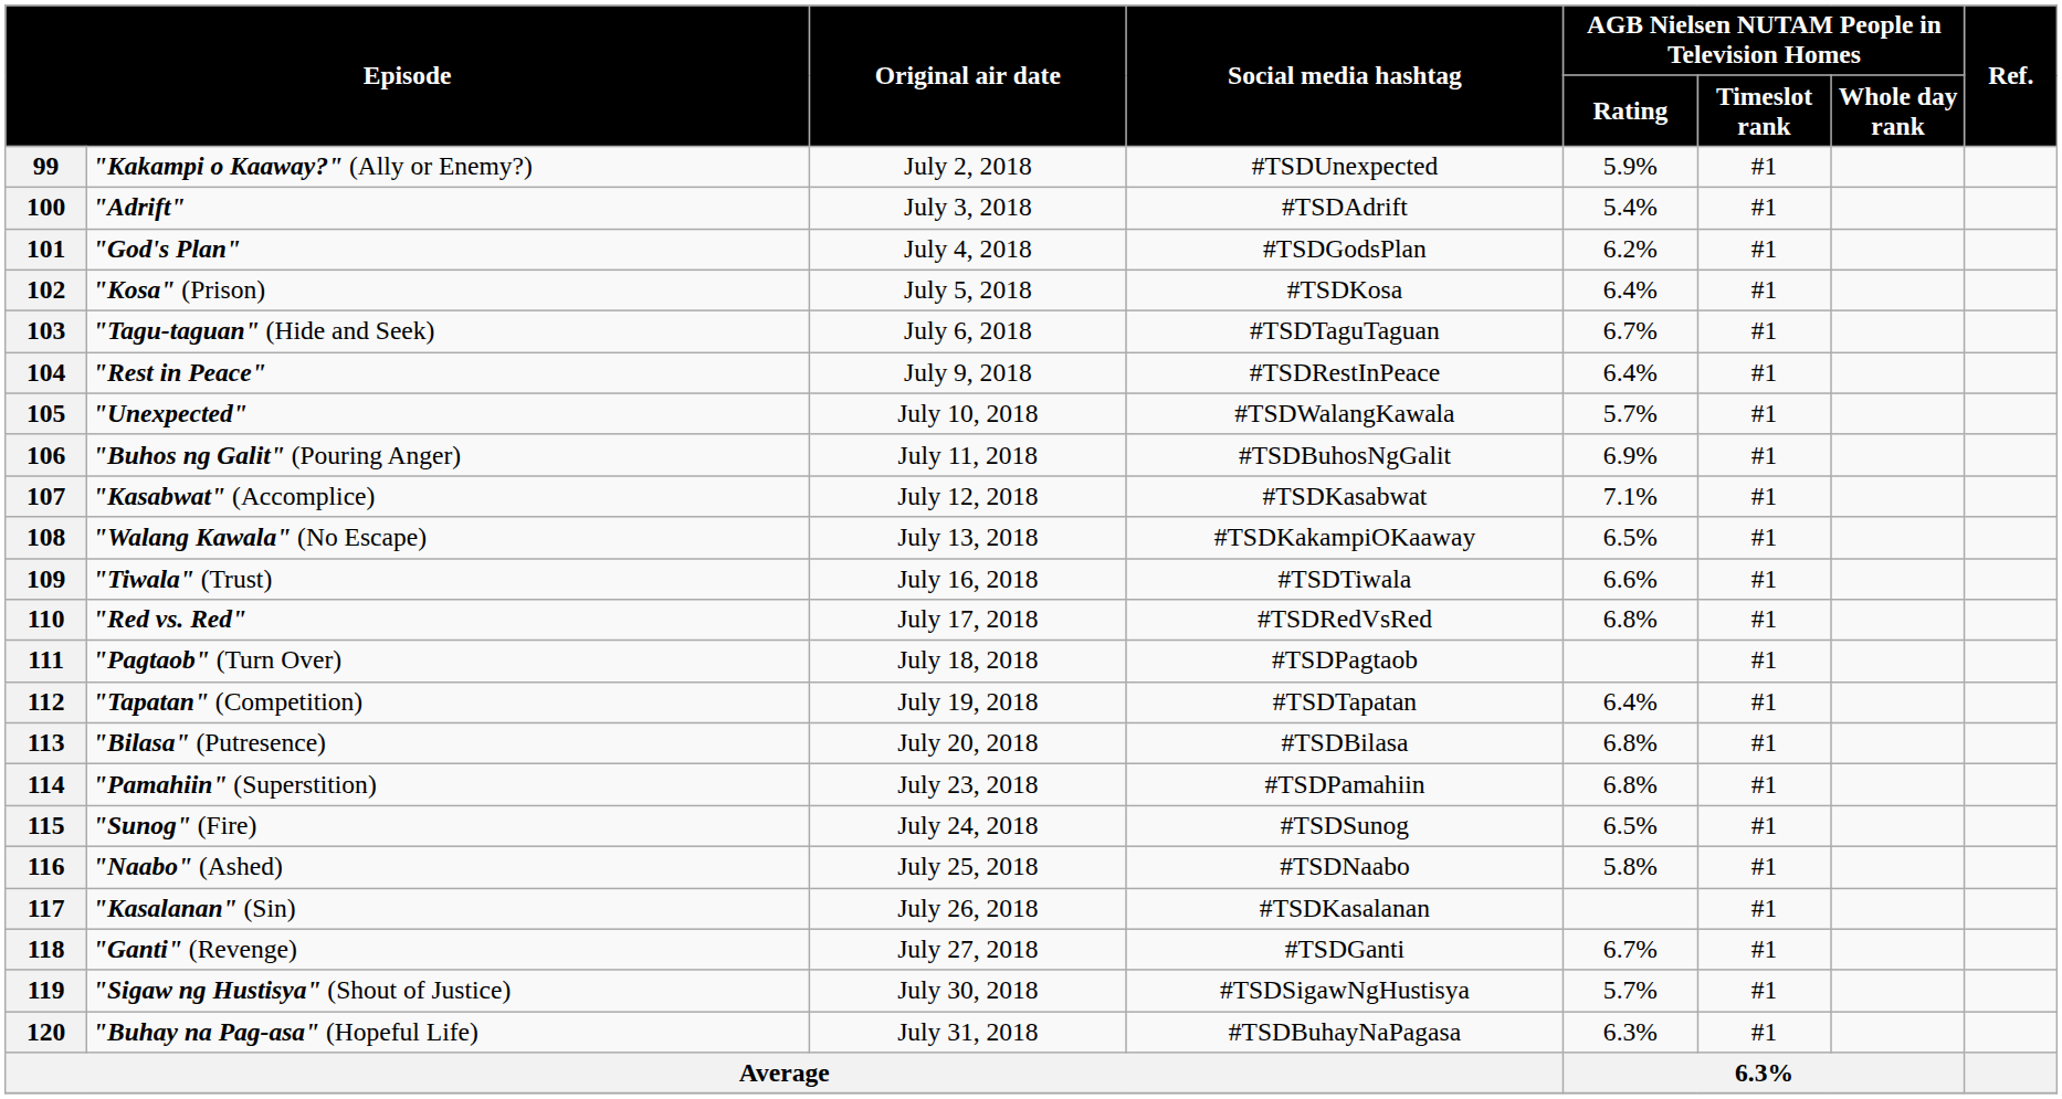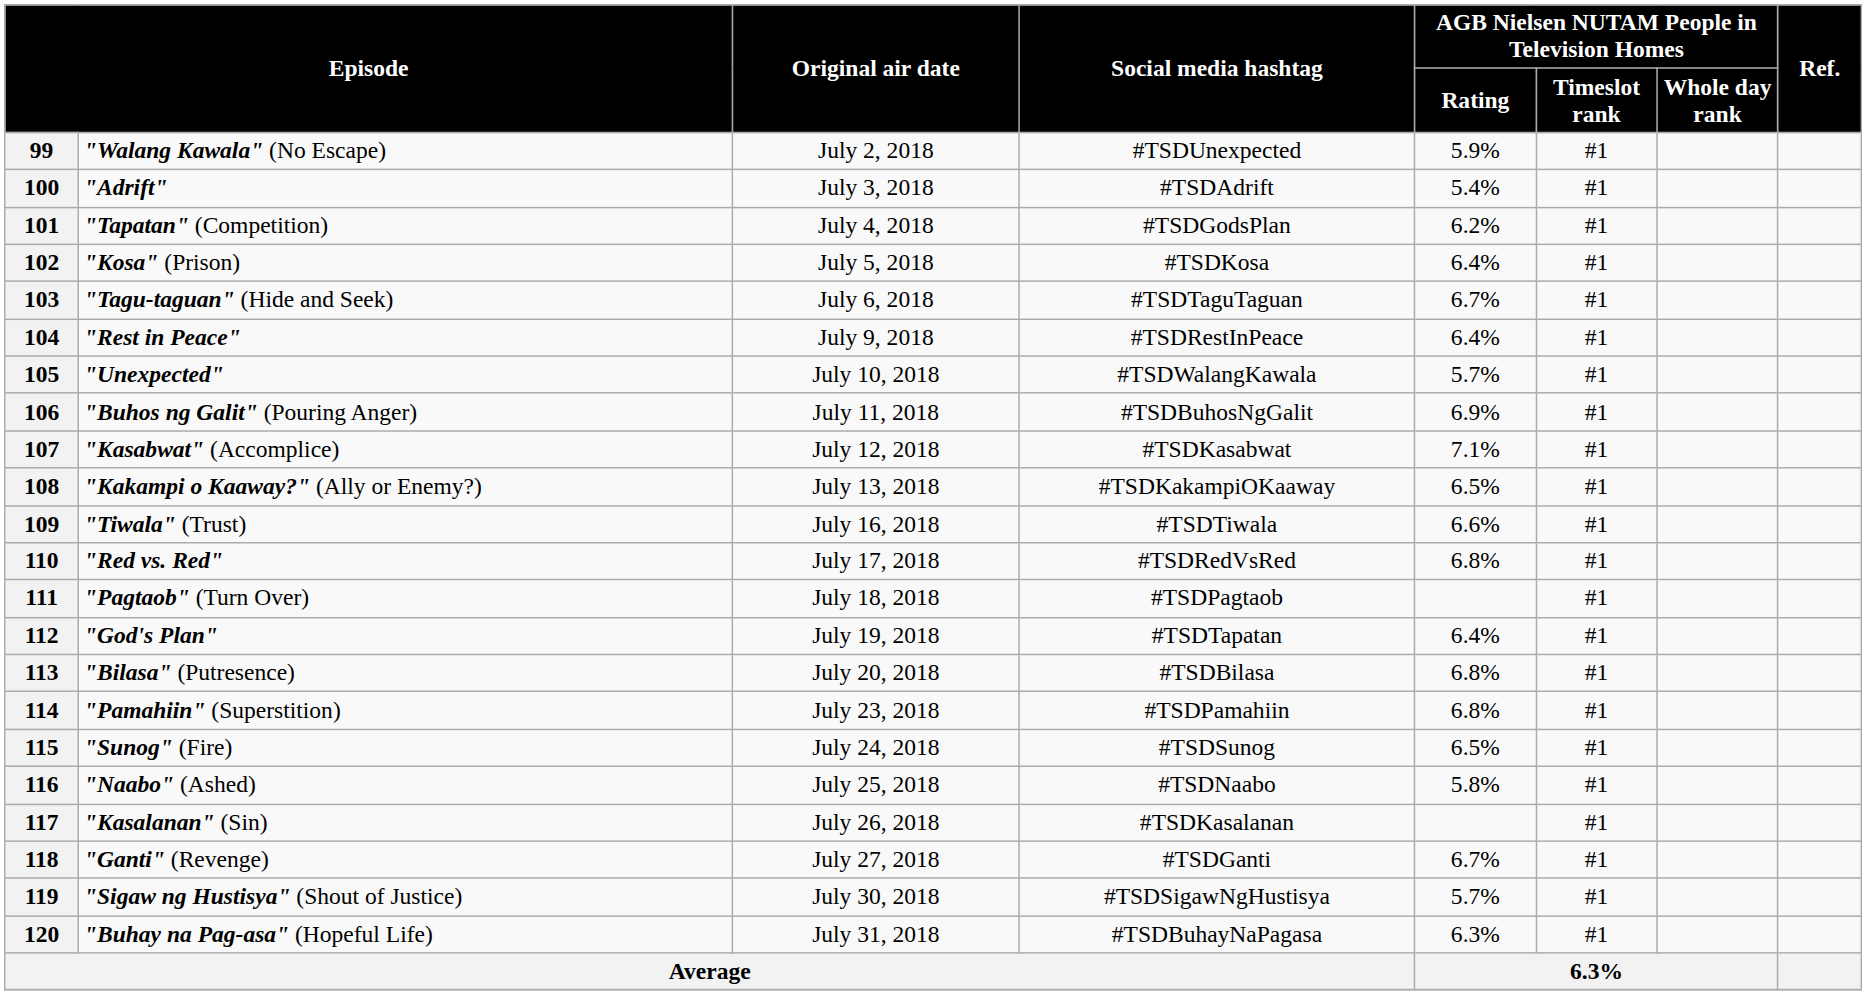 <table class="wikitable" style="text-align:center; font-size:100%; line-height:18px;" width="100%">
 <tr>
 <th style="background-color:#000000; color:#ffffff;" colspan="2" rowspan="2">Episode</th>
 <th style="background-color:#000000; color:white" rowspan="2">Original air date</th>
 <th style="background-color:#000000; color:white" rowspan="2">Social media hashtag</th>
 <th style="background-color:#000000; color:#ffffff;" colspan="3">AGB Nielsen NUTAM People in Television Homes</th>
 <th style="background-color:#000000; color:#ffffff;" rowspan="2">Ref.</th>
 </tr>
 <tr>
 <th style="background-color:#000000; width:75px; color:#ffffff;">Rating</th>
 <th style="background-color:#000000; width:75px; color:#ffffff;">Timeslot<br>rank</th>
 <th style="background-color:#000000; width:75px; color:#ffffff;">Whole day<br>rank</th>
 </tr>
 <tr>
 <th>99</th>
-<td style="text-align: left;"><strong><em>"Kakampi o Kaaway?"</em></strong> (Ally or Enemy?)</td>
+<td style="text-align: left;"><strong><em>"Walang Kawala"</em></strong> (No Escape)</td>
 <td>July 2, 2018</td>
 <td>#TSDUnexpected</td>
 <td>5.9%</td>
 <td>#1</td>
 <td></td>
 <td></td>
 </tr>
 <tr>
 <th>100</th>
 <td style="text-align: left;"><strong><em>"Adrift"</em></strong></td>
 <td>July 3, 2018</td>
 <td>#TSDAdrift</td>
 <td>5.4%</td>
 <td>#1</td>
 <td></td>
 <td></td>
 </tr>
 <tr>
 <th>101</th>
-<td style="text-align: left;"><strong><em>"God's Plan"</em></strong></td>
+<td style="text-align: left;"><strong><em>"Tapatan"</em></strong> (Competition)</td>
 <td>July 4, 2018</td>
 <td>#TSDGodsPlan</td>
 <td>6.2%</td>
 <td>#1</td>
 <td></td>
 <td></td>
 </tr>
 <tr>
 <th>102</th>
 <td style="text-align: left;"><strong><em>"Kosa"</em></strong> (Prison)</td>
 <td>July 5, 2018</td>
 <td>#TSDKosa</td>
 <td>6.4%</td>
 <td>#1</td>
 <td></td>
 <td></td>
 </tr>
 <tr>
 <th>103</th>
 <td style="text-align: left;"><strong><em>"Tagu-taguan"</em></strong> (Hide and Seek)</td>
 <td>July 6, 2018</td>
 <td>#TSDTaguTaguan</td>
 <td>6.7%</td>
 <td>#1</td>
 <td></td>
 <td></td>
 </tr>
 <tr>
 <th>104</th>
 <td style="text-align: left;"><strong><em>"Rest in Peace"</em></strong></td>
 <td>July 9, 2018</td>
 <td>#TSDRestInPeace</td>
 <td>6.4%</td>
 <td>#1</td>
 <td></td>
 <td></td>
 </tr>
 <tr>
 <th>105</th>
 <td style="text-align: left;"><strong><em>"Unexpected"</em></strong></td>
 <td>July 10, 2018</td>
 <td>#TSDWalangKawala</td>
 <td>5.7%</td>
 <td>#1</td>
 <td></td>
 <td></td>
 </tr>
 <tr>
 <th>106</th>
 <td style="text-align: left;"><strong><em>"Buhos ng Galit"</em></strong> (Pouring Anger)</td>
 <td>July 11, 2018</td>
 <td>#TSDBuhosNgGalit</td>
 <td>6.9%</td>
 <td>#1</td>
 <td></td>
 <td></td>
 </tr>
 <tr>
 <th>107</th>
 <td style="text-align: left;"><strong><em>"Kasabwat"</em></strong> (Accomplice)</td>
 <td>July 12, 2018</td>
 <td>#TSDKasabwat</td>
 <td>7.1%</td>
 <td>#1</td>
 <td></td>
 <td></td>
 </tr>
 <tr>
 <th>108</th>
-<td style="text-align: left;"><strong><em>"Walang Kawala"</em></strong> (No Escape)</td>
+<td style="text-align: left;"><strong><em>"Kakampi o Kaaway?"</em></strong> (Ally or Enemy?)</td>
 <td>July 13, 2018</td>
 <td>#TSDKakampiOKaaway</td>
 <td>6.5%</td>
 <td>#1</td>
 <td></td>
 <td></td>
 </tr>
 <tr>
 <th>109</th>
 <td style="text-align: left;"><strong><em>"Tiwala"</em></strong> (Trust)</td>
 <td>July 16, 2018</td>
 <td>#TSDTiwala</td>
 <td>6.6%</td>
 <td>#1</td>
 <td></td>
 <td></td>
 </tr>
 <tr>
 <th>110</th>
 <td style="text-align: left;"><strong><em>"Red vs. Red"</em></strong></td>
 <td>July 17, 2018</td>
 <td>#TSDRedVsRed</td>
 <td>6.8%</td>
 <td>#1</td>
 <td></td>
 <td></td>
 </tr>
 <tr>
 <th>111</th>
 <td style="text-align: left;"><strong><em>"Pagtaob"</em></strong> (Turn Over)</td>
 <td>July 18, 2018</td>
 <td>#TSDPagtaob</td>
 <td></td>
 <td>#1</td>
 <td></td>
 <td></td>
 </tr>
 <tr>
 <th>112</th>
-<td style="text-align: left;"><strong><em>"Tapatan"</em></strong> (Competition)</td>
+<td style="text-align: left;"><strong><em>"God's Plan"</em></strong></td>
 <td>July 19, 2018</td>
 <td>#TSDTapatan</td>
 <td>6.4%</td>
 <td>#1</td>
 <td></td>
 <td></td>
 </tr>
 <tr>
 <th>113</th>
 <td style="text-align: left;"><strong><em>"Bilasa"</em></strong> (Putresence)</td>
 <td>July 20, 2018</td>
 <td>#TSDBilasa</td>
 <td>6.8%</td>
 <td>#1</td>
 <td></td>
 <td></td>
 </tr>
 <tr>
 <th>114</th>
 <td style="text-align: left;"><strong><em>"Pamahiin"</em></strong> (Superstition)</td>
 <td>July 23, 2018</td>
 <td>#TSDPamahiin</td>
 <td>6.8%</td>
 <td>#1</td>
 <td></td>
 <td></td>
 </tr>
 <tr>
 <th>115</th>
 <td style="text-align: left;"><strong><em>"Sunog"</em></strong> (Fire)</td>
 <td>July 24, 2018</td>
 <td>#TSDSunog</td>
 <td>6.5%</td>
 <td>#1</td>
 <td></td>
 <td></td>
 </tr>
 <tr>
 <th>116</th>
 <td style="text-align: left;"><strong><em>"Naabo"</em></strong> (Ashed)</td>
 <td>July 25, 2018</td>
 <td>#TSDNaabo</td>
 <td>5.8%</td>
 <td>#1</td>
 <td></td>
 <td></td>
 </tr>
 <tr>
 <th>117</th>
 <td style="text-align: left;"><strong><em>"Kasalanan"</em></strong> (Sin)</td>
 <td>July 26, 2018</td>
 <td>#TSDKasalanan</td>
 <td></td>
 <td>#1</td>
 <td></td>
 <td></td>
 </tr>
 <tr>
 <th>118</th>
 <td style="text-align: left;"><strong><em>"Ganti"</em></strong> (Revenge)</td>
 <td>July 27, 2018</td>
 <td>#TSDGanti</td>
 <td>6.7%</td>
 <td>#1</td>
 <td></td>
 <td></td>
 </tr>
 <tr>
 <th>119</th>
 <td style="text-align: left;"><strong><em>"Sigaw ng Hustisya"</em></strong> (Shout of Justice)</td>
 <td>July 30, 2018</td>
 <td>#TSDSigawNgHustisya</td>
 <td>5.7%</td>
 <td>#1</td>
 <td></td>
 <td></td>
 </tr>
 <tr>
 <th>120</th>
 <td style="text-align: left;"><strong><em>"Buhay na Pag-asa"</em></strong> (Hopeful Life)</td>
 <td>July 31, 2018</td>
 <td>#TSDBuhayNaPagasa</td>
 <td>6.3%</td>
 <td>#1</td>
 <td></td>
 <td></td>
 </tr>
 <tr>
 <th colspan="4">Average</th>
 <th colspan="3">6.3%</th>
 <th></th>
 </tr>
 <tr>
 </tr>
 </table>
